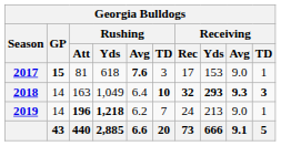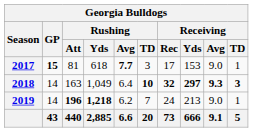 <table class="wikitable" style="text-align:center;">
 <tr>
 <th colspan="10">Georgia Bulldogs</th>
 </tr>
 <tr>
 <th rowspan="2">Season</th>
 <th rowspan="2">GP</th>
 <th colspan="4">Rushing</th>
 <th colspan="4">Receiving</th>
 </tr>
 <tr>
 <th>Att</th>
 <th>Yds</th>
 <th>Avg</th>
 <th>TD</th>
 <th>Rec</th>
 <th>Yds</th>
 <th>Avg</th>
 <th>TD</th>
 </tr>
 <tr>
 <th><a href='#'>2017</a></th>
 <td><strong>15</strong></td>
 <td>81</td>
 <td>618</td>
-<td><strong>7.6</strong></td>
+<td><strong>7.7</strong></td>
 <td>3</td>
 <td>17</td>
 <td>153</td>
 <td>9.0</td>
 <td>1</td>
 </tr>
 <tr>
 <th><a href='#'>2018</a></th>
 <td>14</td>
 <td>163</td>
 <td>1,049</td>
 <td>6.4</td>
 <td><strong>10</strong></td>
 <td><strong>32</strong></td>
-<td><strong>293</strong></td>
+<td><strong>297</strong></td>
 <td><strong>9.3</strong></td>
 <td><strong>3</strong></td>
 </tr>
 <tr>
 <th><a href='#'>2019</a></th>
 <td>14</td>
 <td><strong>196</strong></td>
 <td><strong>1,218</strong></td>
 <td>6.2</td>
 <td>7</td>
 <td>24</td>
 <td>213</td>
 <td>9.0</td>
 <td>1</td>
 </tr>
 <tr>
 <th></th>
 <th>43</th>
 <th>440</th>
 <th>2,885</th>
 <th>6.6</th>
 <th>20</th>
 <th>73</th>
 <th>666</th>
 <th>9.1</th>
 <th>5</th>
 </tr>
 </table>
